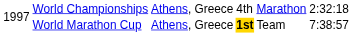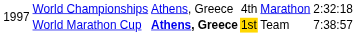 <table>
 <tr>
 <td rowspan=2>1997</td>
 <td><a href='#'>World Championships</a></td>
 <td><a href='#'>Athens</a>, Greece</td>
 <td>4th</td>
 <td><a href='#'>Marathon</a></td>
 <td>2:32:18</td>
 </tr>
 <tr>
 <td><a href='#'>World Marathon Cup</a></td>
-<td><a href='#'>Athens</a>, Greece</td>
-<td bgcolor=gold><strong>1st</strong></td>
+<td><strong><a href='#'>Athens</a>, Greece</strong></td>
+<td bgcolor=gold>1st</td>
 <td>Team</td>
 <td>7:38:57</td>
 </tr>
 </table>
